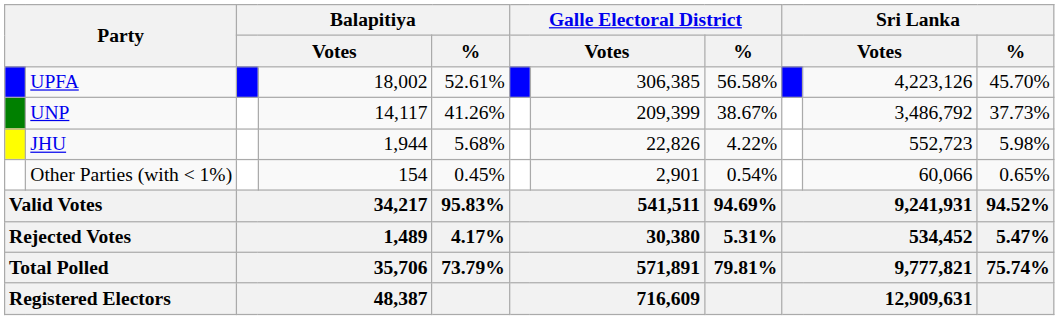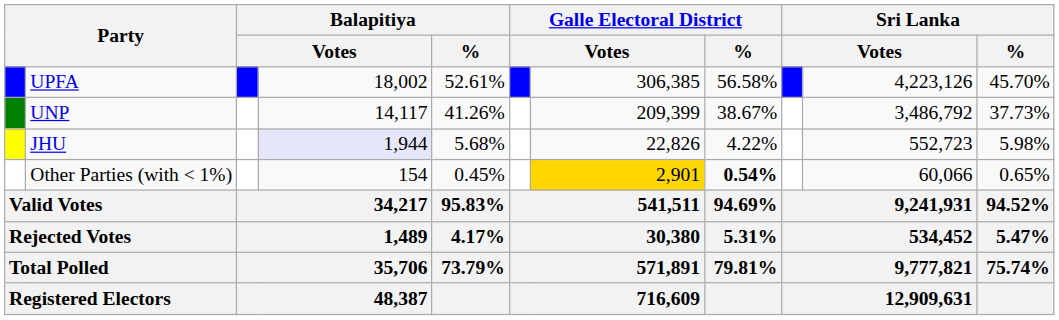 <table class="wikitable">
 <tr>
 <th colspan="2" width="144px"rowspan="2">Party</th>
 <th colspan="3" width="216px">Balapitiya</th>
 <th colspan="3" width="216px"><a href='#'>Galle Electoral District</a></th>
 <th colspan="3" width="216px">Sri Lanka</th>
 </tr>
 <tr>
 <th colspan="2" width="144px">Votes</th>
 <th>%</th>
 <th colspan="2" width="144px">Votes</th>
 <th>%</th>
 <th colspan="2" width="144px">Votes</th>
 <th>%</th>
 </tr>
 <tr>
 <td style="background-color:blue;" width="10px"></td>
 <td style="text-align:left;"><a href='#'>UPFA</a></td>
 <td style="background-color:blue;" width="10px"></td>
 <td style="text-align:right;">18,002</td>
 <td style="text-align:right;">52.61%</td>
 <td style="background-color:blue;" width="10px"></td>
 <td style="text-align:right;">306,385</td>
 <td style="text-align:right;">56.58%</td>
 <td style="background-color:blue;" width="10px"></td>
 <td style="text-align:right;">4,223,126</td>
 <td style="text-align:right;">45.70%</td>
 </tr>
 <tr>
 <td style="background-color:green;" width="10px"></td>
 <td style="text-align:left;"><a href='#'>UNP</a></td>
 <td style="background-color:white;" width="10px"></td>
 <td style="text-align:right;">14,117</td>
 <td style="text-align:right;">41.26%</td>
 <td style="background-color:white;" width="10px"></td>
 <td style="text-align:right;">209,399</td>
 <td style="text-align:right;">38.67%</td>
 <td style="background-color:white;" width="10px"></td>
 <td style="text-align:right;">3,486,792</td>
 <td style="text-align:right;">37.73%</td>
 </tr>
 <tr>
 <td style="background-color:yellow;" width="10px"></td>
 <td style="text-align:left;"><a href='#'>JHU</a></td>
 <td style="background-color:white;" width="10px"></td>
-<td style="text-align:right;">1,944</td>
+<td style="background: lavender; text-align:right;">1,944</td>
 <td style="text-align:right;">5.68%</td>
 <td style="background-color:white;" width="10px"></td>
 <td style="text-align:right;">22,826</td>
 <td style="text-align:right;">4.22%</td>
 <td style="background-color:white;" width="10px"></td>
 <td style="text-align:right;">552,723</td>
 <td style="text-align:right;">5.98%</td>
 </tr>
 <tr>
 <td style="background-color:white;" width="10px"></td>
 <td style="text-align:left;">Other Parties (with < 1%)</td>
 <td style="background-color:white;" width="10px"></td>
 <td style="text-align:right;">154</td>
 <td style="text-align:right;">0.45%</td>
 <td style="background-color:white;" width="10px"></td>
-<td style="text-align:right;">2,901</td>
-<td style="text-align:right;">0.54%</td>
+<td style="background: gold; text-align:right;">2,901</td>
+<td style="text-align:right;"><strong>0.54%</strong></td>
 <td style="background-color:white;" width="10px"></td>
 <td style="text-align:right;">60,066</td>
 <td style="text-align:right;">0.65%</td>
 </tr>
 <tr>
 <th colspan="2" width="144px"style="text-align:left;">Valid Votes</th>
 <th style="text-align:right;"colspan="2" width="144px">34,217</th>
 <th style="text-align:right;">95.83%</th>
 <th style="text-align:right;"colspan="2" width="144px">541,511</th>
 <th style="text-align:right;">94.69%</th>
 <th style="text-align:right;"colspan="2" width="144px">9,241,931</th>
 <th style="text-align:right;">94.52%</th>
 </tr>
 <tr>
 <th colspan="2" width="144px"style="text-align:left;">Rejected Votes</th>
 <th style="text-align:right;"colspan="2" width="144px">1,489</th>
 <th style="text-align:right;">4.17%</th>
 <th style="text-align:right;"colspan="2" width="144px">30,380</th>
 <th style="text-align:right;">5.31%</th>
 <th style="text-align:right;"colspan="2" width="144px">534,452</th>
 <th style="text-align:right;">5.47%</th>
 </tr>
 <tr>
 <th colspan="2" width="144px"style="text-align:left;">Total Polled</th>
 <th style="text-align:right;"colspan="2" width="144px">35,706</th>
 <th style="text-align:right;">73.79%</th>
 <th style="text-align:right;"colspan="2" width="144px">571,891</th>
 <th style="text-align:right;">79.81%</th>
 <th style="text-align:right;"colspan="2" width="144px">9,777,821</th>
 <th style="text-align:right;">75.74%</th>
 </tr>
 <tr>
 <th colspan="2" width="144px"style="text-align:left;">Registered Electors</th>
 <th style="text-align:right;"colspan="2" width="144px">48,387</th>
 <th></th>
 <th style="text-align:right;"colspan="2" width="144px">716,609</th>
 <th></th>
 <th style="text-align:right;"colspan="2" width="144px">12,909,631</th>
 <th></th>
 </tr>
 </table>
